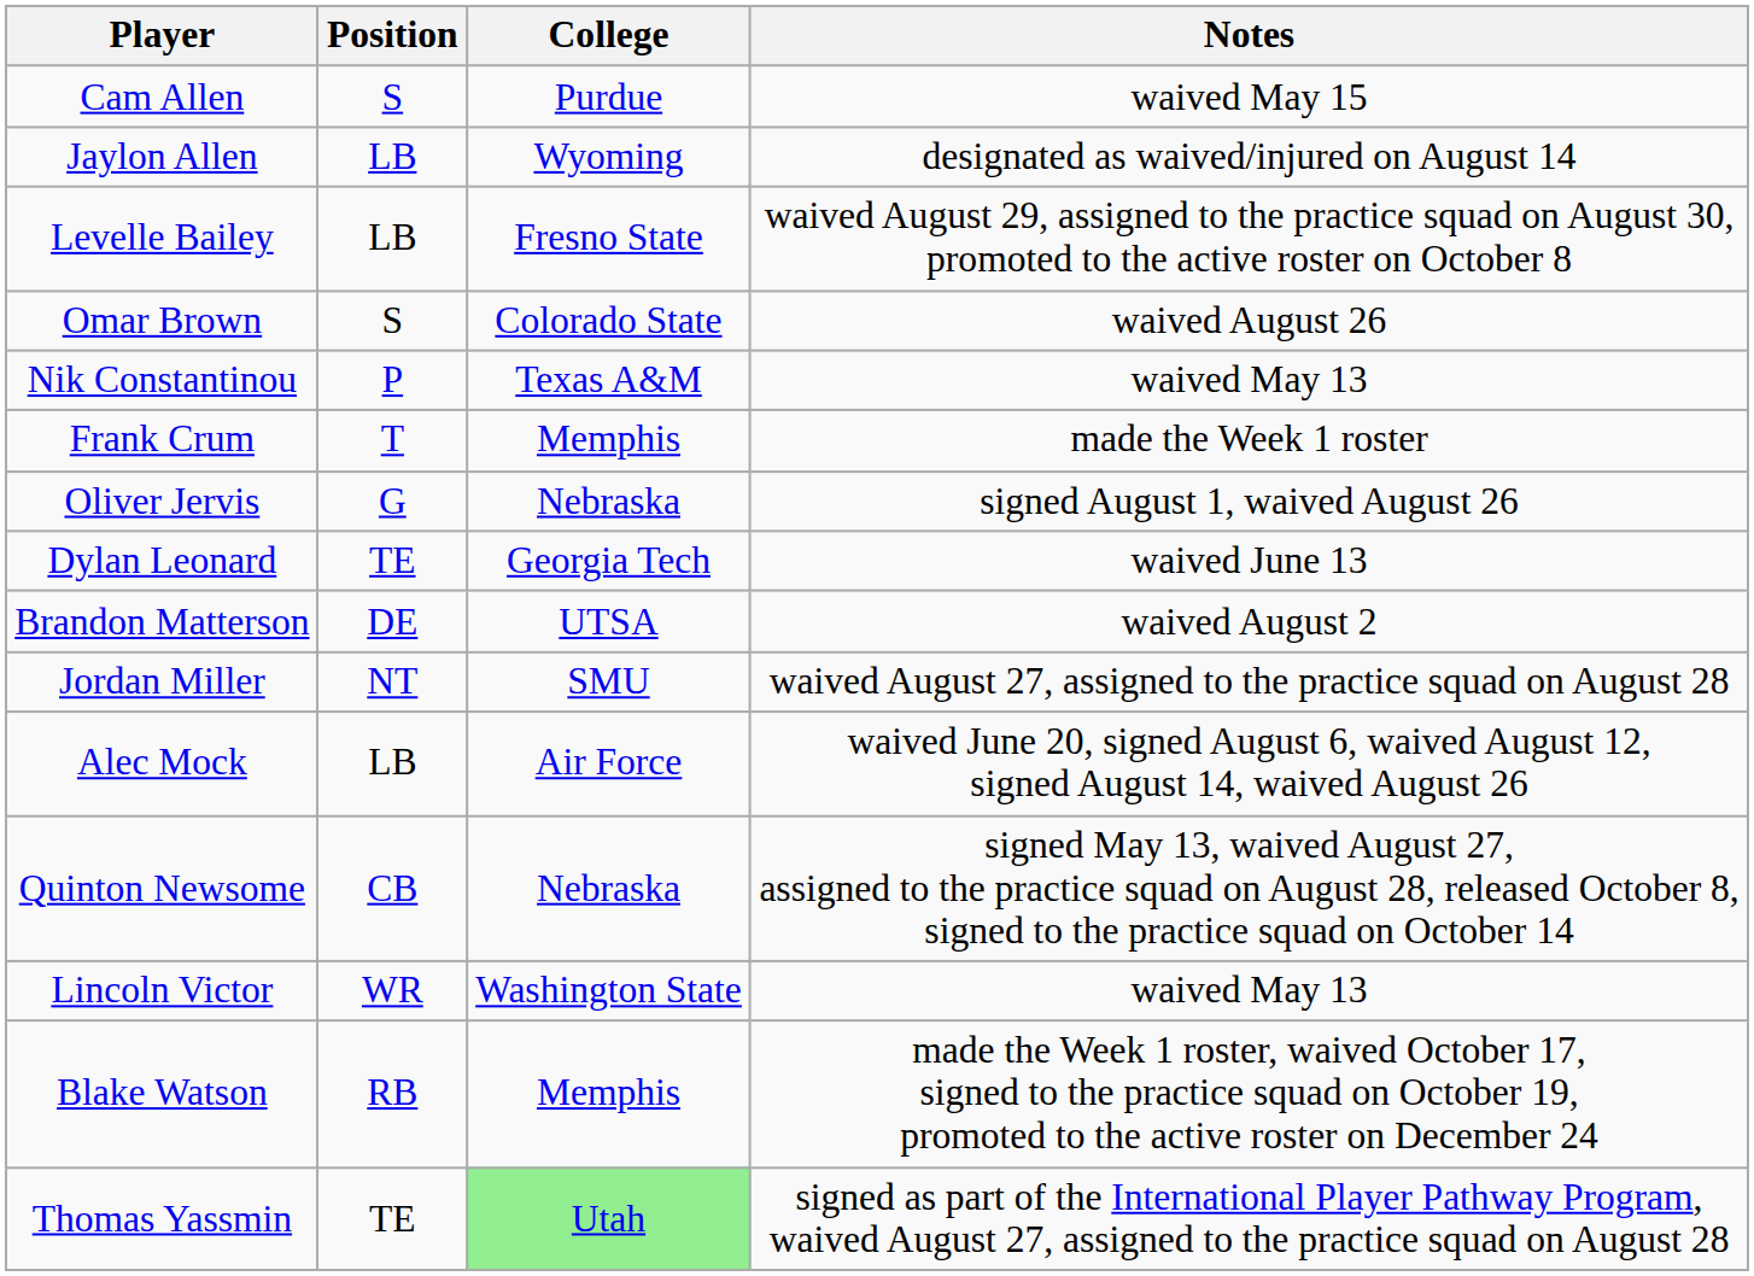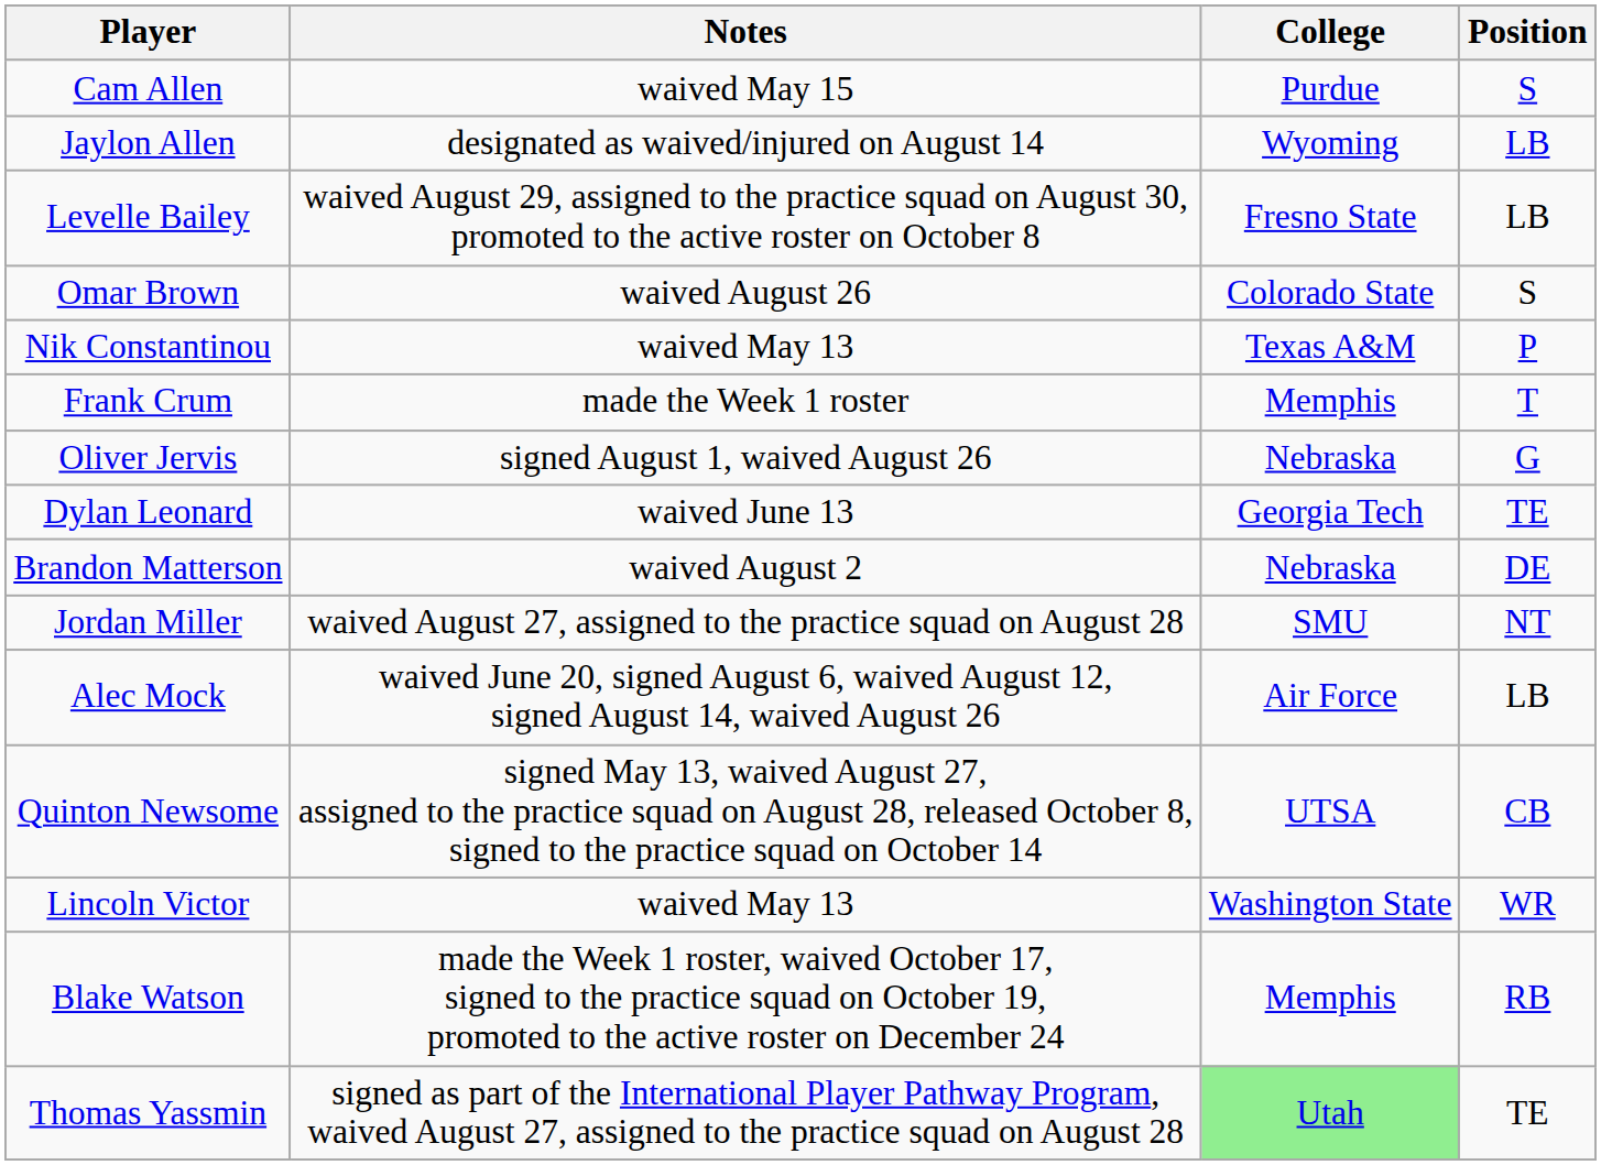 <table class="wikitable" style="text-align:center">
 <tr>
 <th>Player</th>
+<th>Notes</th>
+<th>College</th>
 <th>Position</th>
-<th>College</th>
-<th>Notes</th>
 </tr>
 <tr>
 <td><a href='#'>Cam Allen</a></td>
+<td>waived May 15</td>
+<td><a href='#'>Purdue</a></td>
 <td><a href='#'>S</a></td>
-<td><a href='#'>Purdue</a></td>
-<td>waived May 15</td>
 </tr>
 <tr>
 <td><a href='#'>Jaylon Allen</a></td>
+<td>designated as waived/injured on August 14</td>
+<td><a href='#'>Wyoming</a></td>
 <td><a href='#'>LB</a></td>
-<td><a href='#'>Wyoming</a></td>
-<td>designated as waived/injured on August 14</td>
 </tr>
 <tr>
 <td><a href='#'>Levelle Bailey</a></td>
+<td>waived August 29, assigned to the practice squad on August 30,<br>promoted to the active roster on October 8</td>
+<td><a href='#'>Fresno State</a></td>
 <td>LB</td>
-<td><a href='#'>Fresno State</a></td>
-<td>waived August 29, assigned to the practice squad on August 30,<br>promoted to the active roster on October 8</td>
 </tr>
 <tr>
 <td><a href='#'>Omar Brown</a></td>
+<td>waived August 26</td>
+<td><a href='#'>Colorado State</a></td>
 <td>S</td>
-<td><a href='#'>Colorado State</a></td>
-<td>waived August 26</td>
 </tr>
 <tr>
 <td><a href='#'>Nik Constantinou</a></td>
+<td>waived May 13</td>
+<td><a href='#'>Texas A&M</a></td>
 <td><a href='#'>P</a></td>
-<td><a href='#'>Texas A&M</a></td>
-<td>waived May 13</td>
 </tr>
 <tr>
 <td><a href='#'>Frank Crum</a></td>
+<td>made the Week 1 roster</td>
+<td><a href='#'>Memphis</a></td>
 <td><a href='#'>T</a></td>
-<td><a href='#'>Memphis</a></td>
-<td>made the Week 1 roster</td>
 </tr>
 <tr>
 <td><a href='#'>Oliver Jervis</a></td>
+<td>signed August 1, waived August 26</td>
+<td><a href='#'>Nebraska</a></td>
 <td><a href='#'>G</a></td>
-<td><a href='#'>Nebraska</a></td>
-<td>signed August 1, waived August 26</td>
 </tr>
 <tr>
 <td><a href='#'>Dylan Leonard</a></td>
+<td>waived June 13</td>
+<td><a href='#'>Georgia Tech</a></td>
 <td><a href='#'>TE</a></td>
-<td><a href='#'>Georgia Tech</a></td>
-<td>waived June 13</td>
 </tr>
 <tr>
 <td><a href='#'>Brandon Matterson</a></td>
+<td>waived August 2</td>
+<td><a href='#'>Nebraska</a></td>
 <td><a href='#'>DE</a></td>
-<td><a href='#'>UTSA</a></td>
-<td>waived August 2</td>
 </tr>
 <tr>
 <td><a href='#'>Jordan Miller</a></td>
+<td>waived August 27, assigned to the practice squad on August 28</td>
+<td><a href='#'>SMU</a></td>
 <td><a href='#'>NT</a></td>
-<td><a href='#'>SMU</a></td>
-<td>waived August 27, assigned to the practice squad on August 28</td>
 </tr>
 <tr>
 <td><a href='#'>Alec Mock</a></td>
+<td>waived June 20, signed August 6, waived August 12,<br>signed August 14, waived August 26</td>
+<td><a href='#'>Air Force</a></td>
 <td>LB</td>
-<td><a href='#'>Air Force</a></td>
-<td>waived June 20, signed August 6, waived August 12,<br>signed August 14, waived August 26</td>
 </tr>
 <tr>
 <td><a href='#'>Quinton Newsome</a></td>
+<td>signed May 13, waived August 27,<br>assigned to the practice squad on August 28, released October 8,<br>signed to the practice squad on October 14</td>
+<td><a href='#'>UTSA</a></td>
 <td><a href='#'>CB</a></td>
-<td><a href='#'>Nebraska</a></td>
-<td>signed May 13, waived August 27,<br>assigned to the practice squad on August 28, released October 8,<br>signed to the practice squad on October 14</td>
 </tr>
 <tr>
 <td><a href='#'>Lincoln Victor</a></td>
+<td>waived May 13</td>
+<td><a href='#'>Washington State</a></td>
 <td><a href='#'>WR</a></td>
-<td><a href='#'>Washington State</a></td>
-<td>waived May 13</td>
 </tr>
 <tr>
 <td><a href='#'>Blake Watson</a></td>
+<td>made the Week 1 roster, waived October 17,<br>signed to the practice squad on October 19,<br>promoted to the active roster on December 24</td>
+<td><a href='#'>Memphis</a></td>
 <td><a href='#'>RB</a></td>
-<td><a href='#'>Memphis</a></td>
-<td>made the Week 1 roster, waived October 17,<br>signed to the practice squad on October 19,<br>promoted to the active roster on December 24</td>
 </tr>
 <tr>
 <td><a href='#'>Thomas Yassmin</a></td>
+<td>signed as part of the <a href='#'>International Player Pathway Program</a>,<br>waived August 27, assigned to the practice squad on August 28</td>
+<td style="background: lightgreen;"><a href='#'>Utah</a></td>
 <td>TE</td>
-<td style="background: lightgreen;"><a href='#'>Utah</a></td>
-<td>signed as part of the <a href='#'>International Player Pathway Program</a>,<br>waived August 27, assigned to the practice squad on August 28</td>
 </tr>
 </table>
